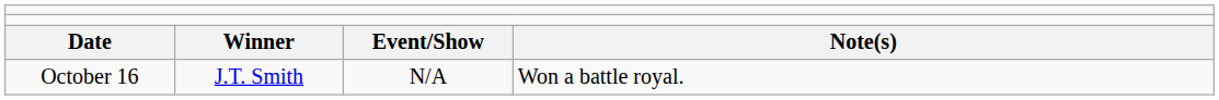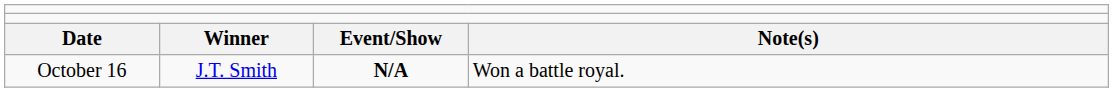 <table class="wikitable" style="text-align:center; width:100%;">
 <tr>
 <td colspan="5"></td>
 </tr>
 <tr>
 <td colspan="5"><strong></strong></td>
 </tr>
 <tr>
 <th width=14%>Date</th>
 <th width=14%>Winner</th>
 <th width=14%>Event/Show</th>
 <th width=58%>Note(s)</th>
 </tr>
 <tr>
 <td>October 16</td>
 <td><a href='#'>J.T. Smith</a></td>
-<td>N/A</td>
+<td><strong>N/A</strong></td>
 <td align=left>Won a battle royal.</td>
 </tr>
 </table>
